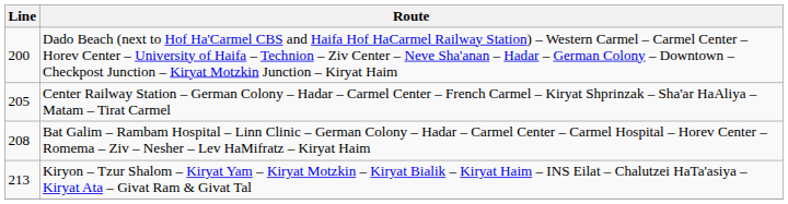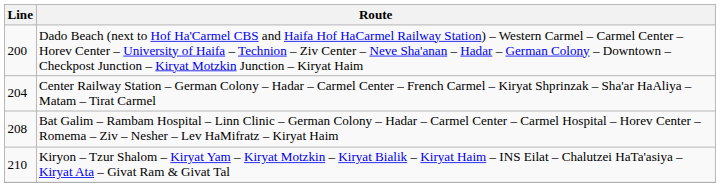 <table class="wikitable">
 <tr>
 <th>Line</th>
 <th>Route</th>
 </tr>
 <tr>
 <td>200</td>
 <td>Dado Beach (next to <a href='#'>Hof Ha'Carmel CBS</a> and <a href='#'>Haifa Hof HaCarmel Railway Station</a>) – Western Carmel – Carmel Center – Horev Center – <a href='#'>University of Haifa</a> – <a href='#'>Technion</a> –  Ziv Center – <a href='#'>Neve Sha'anan</a> – <a href='#'>Hadar</a> – <a href='#'>German Colony</a> – Downtown  – Checkpost Junction – <a href='#'>Kiryat Motzkin</a> Junction – Kiryat Haim</td>
 </tr>
 <tr>
-<td>205</td>
+<td>204</td>
 <td>Center Railway Station – German Colony – Hadar – Carmel Center – French Carmel – Kiryat Shprinzak – Sha'ar HaAliya – Matam – Tirat Carmel</td>
 </tr>
 <tr>
 <td>208</td>
 <td>Bat Galim – Rambam Hospital – Linn Clinic – German Colony – Hadar – Carmel Center – Carmel Hospital – Horev Center – Romema – Ziv – Nesher – Lev HaMifratz – Kiryat Haim</td>
 </tr>
 <tr>
-<td>213</td>
+<td>210</td>
 <td>Kiryon – Tzur Shalom – <a href='#'>Kiryat Yam</a> – <a href='#'>Kiryat Motzkin</a> – <a href='#'>Kiryat Bialik</a> – <a href='#'>Kiryat Haim</a> – INS Eilat – Chalutzei HaTa'asiya – <a href='#'>Kiryat Ata</a> – Givat Ram & Givat Tal</td>
 </tr>
 <tr>
 </tr>
 </table>
